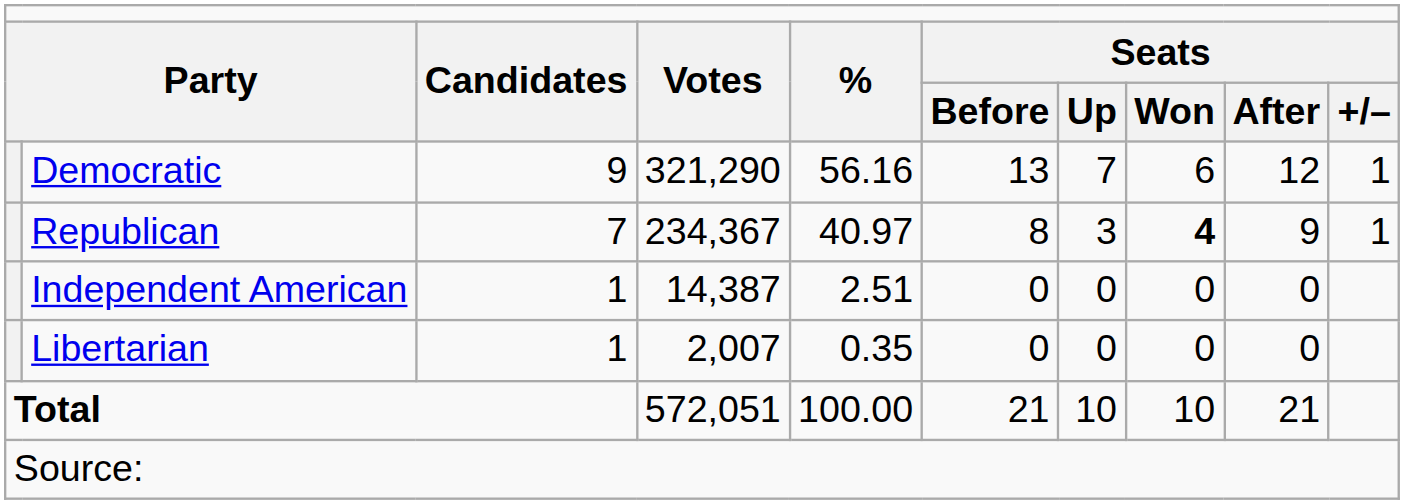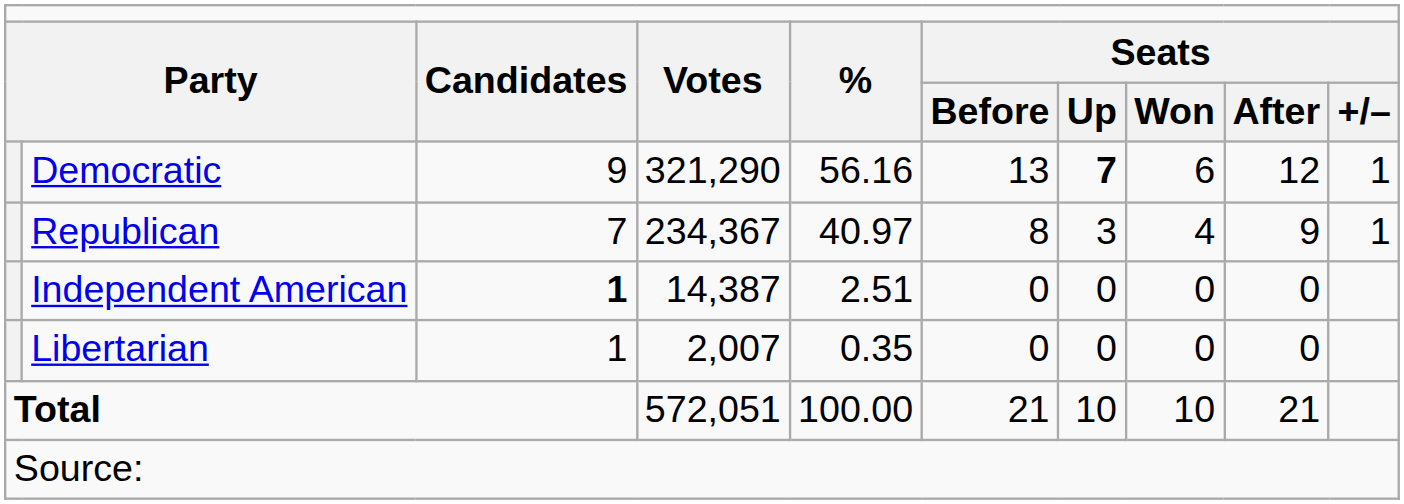 <table class="wikitable">
 <tr>
 <td colspan=15 align=center></td>
 </tr>
 <tr>
 <th rowspan="2" colspan="2">Party</th>
 <th rowspan="2">Candidates</th>
 <th rowspan="2">Votes</th>
 <th rowspan="2">%</th>
 <th colspan="5">Seats</th>
 </tr>
 <tr>
 <th>Before</th>
 <th>Up</th>
 <th>Won</th>
 <th>After</th>
 <th>+/–</th>
 </tr>
 <tr>
 <th style="background-color:"></th>
 <td><a href='#'>Democratic</a></td>
 <td align="right">9</td>
 <td align="right">321,290</td>
 <td align="right">56.16</td>
 <td align="right">13</td>
-<td align="right">7</td>
+<td align="right"><strong>7</strong></td>
 <td align="right">6</td>
 <td align="right">12</td>
 <td align="right"> 1</td>
 </tr>
 <tr>
 <th style="background-color:"></th>
 <td><a href='#'>Republican</a></td>
 <td align="right">7</td>
 <td align="right">234,367</td>
 <td align="right">40.97</td>
 <td align="right">8</td>
 <td align="right">3</td>
-<td align="right"><strong>4</strong></td>
+<td align="right">4</td>
 <td align="right">9</td>
 <td align="right"> 1</td>
 </tr>
 <tr>
 <th style="background-color:"></th>
 <td><a href='#'>Independent American</a></td>
-<td align="right">1</td>
+<td align="right"><strong>1</strong></td>
 <td align="right">14,387</td>
 <td align="right">2.51</td>
 <td align="right">0</td>
 <td align="right">0</td>
 <td align="right">0</td>
 <td align="right">0</td>
 <td align="right"></td>
 </tr>
 <tr>
 <th style="background-color:"></th>
 <td><a href='#'>Libertarian</a></td>
 <td align="right">1</td>
 <td align="right">2,007</td>
 <td align="right">0.35</td>
 <td align="right">0</td>
 <td align="right">0</td>
 <td align="right">0</td>
 <td align="right">0</td>
 <td align="right"></td>
 </tr>
 <tr>
 <td colspan="3" align="left"><strong>Total</strong></td>
 <td align="right">572,051</td>
 <td align="right">100.00</td>
 <td align="right">21</td>
 <td align="right">10</td>
 <td align="right">10</td>
 <td align="right">21</td>
 <td align="right"></td>
 </tr>
 <tr>
 <td colspan="10">Source: </td>
 </tr>
 </table>
